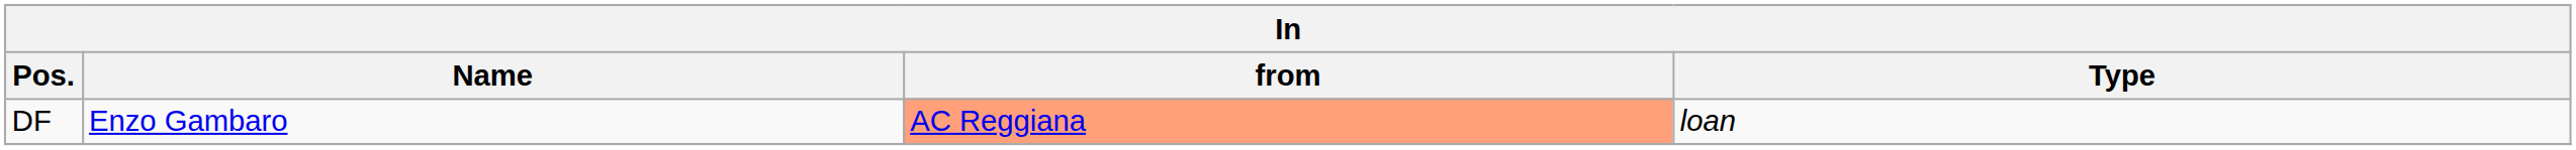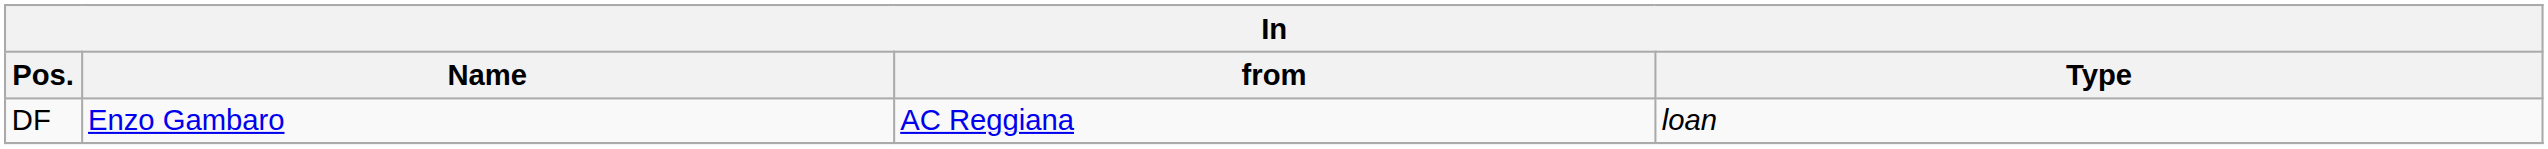 <table class="wikitable" style="font-size:90%;width:99%;">
 <tr>
 <th colspan="4">In</th>
 </tr>
 <tr>
 <th width=3%>Pos.</th>
 <th width=32%>Name</th>
 <th width=30%>from</th>
 <th width=35%>Type</th>
 </tr>
 <tr>
 <td>DF</td>
 <td><a href='#'>Enzo Gambaro</a></td>
-<td style="background: lightsalmon;"><a href='#'>AC Reggiana</a></td>
+<td><a href='#'>AC Reggiana</a></td>
 <td><em>loan</em></td>
 </tr>
 <tr>
 </tr>
 </table>
